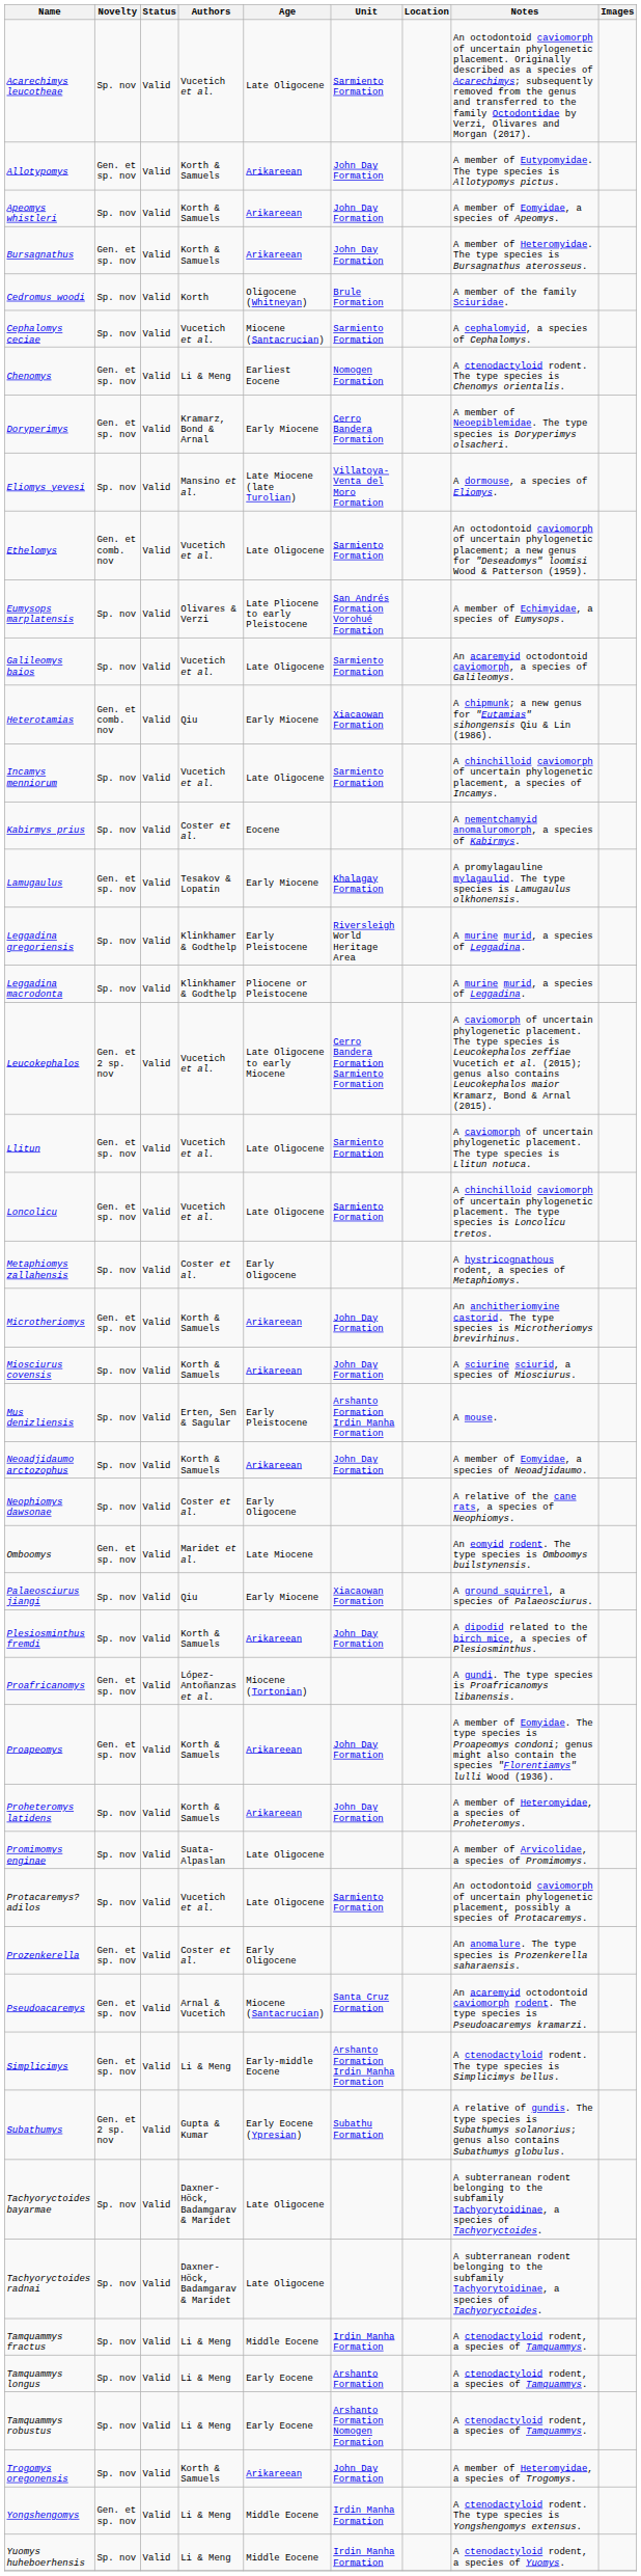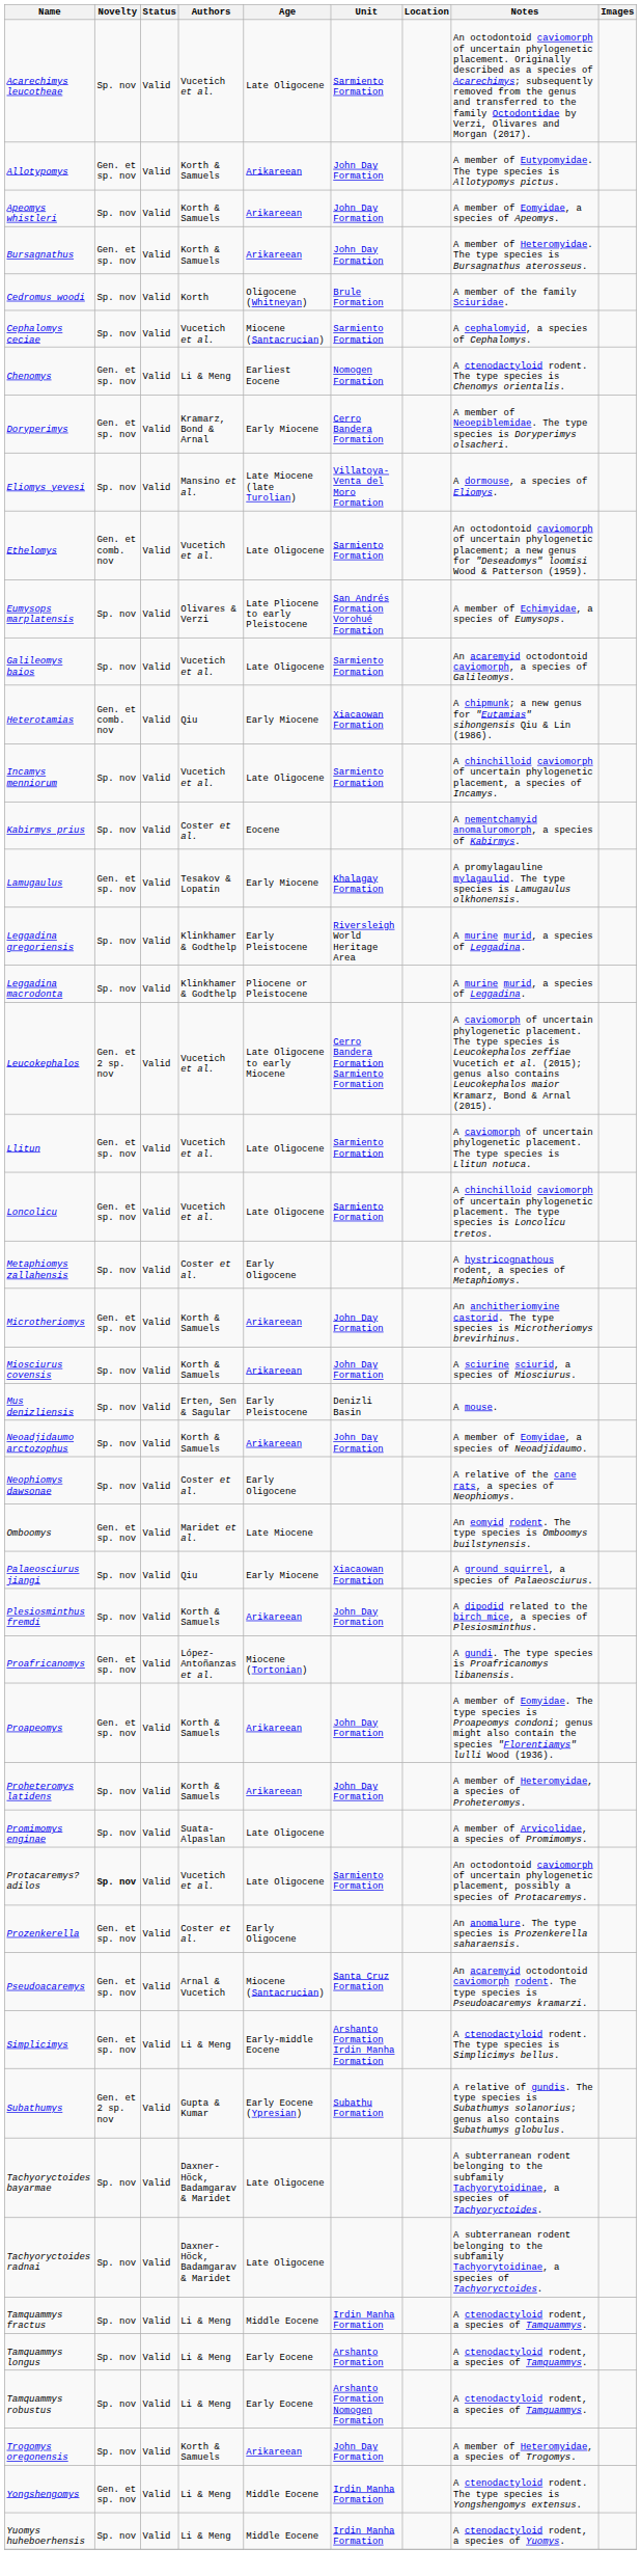 <table class="wikitable sortable" align="center" width="100%">
 <tr>
 <th>Name</th>
 <th>Novelty</th>
 <th>Status</th>
 <th>Authors</th>
 <th>Age</th>
 <th>Unit</th>
 <th>Location</th>
 <th>Notes</th>
 <th>Images</th>
 </tr>
 <tr>
 <td><br><em><a href='#'>Acarechimys leucotheae</a></em></td>
 <td><br>Sp. nov</td>
 <td><br>Valid</td>
 <td><br>Vucetich <em>et al.</em></td>
 <td><br>Late Oligocene</td>
 <td><br><a href='#'>Sarmiento Formation</a></td>
 <td><br></td>
 <td><br>An octodontoid <a href='#'>caviomorph</a> of uncertain phylogenetic placement. Originally described as a species of <em><a href='#'>Acarechimys</a></em>; subsequently removed from the genus and transferred to the family <a href='#'>Octodontidae</a> by Verzi, Olivares and Morgan (2017).</td>
 <td></td>
 </tr>
 <tr>
 <td><br><em><a href='#'>Allotypomys</a></em></td>
 <td><br>Gen. et sp. nov</td>
 <td><br>Valid</td>
 <td><br>Korth & Samuels</td>
 <td><br><a href='#'>Arikareean</a></td>
 <td><br><a href='#'>John Day Formation</a></td>
 <td><br></td>
 <td><br>A member of <a href='#'>Eutypomyidae</a>. The type species is <em>Allotypomys pictus</em>.</td>
 <td></td>
 </tr>
 <tr>
 <td><br><em><a href='#'>Apeomys whistleri</a></em></td>
 <td><br>Sp. nov</td>
 <td><br>Valid</td>
 <td><br>Korth & Samuels</td>
 <td><br><a href='#'>Arikareean</a></td>
 <td><br><a href='#'>John Day Formation</a></td>
 <td><br></td>
 <td><br>A member of <a href='#'>Eomyidae</a>, a species of <em>Apeomys</em>.</td>
 <td></td>
 </tr>
 <tr>
 <td><br><em><a href='#'>Bursagnathus</a></em></td>
 <td><br>Gen. et sp. nov</td>
 <td><br>Valid</td>
 <td><br>Korth & Samuels</td>
 <td><br><a href='#'>Arikareean</a></td>
 <td><br><a href='#'>John Day Formation</a></td>
 <td><br></td>
 <td><br>A member of <a href='#'>Heteromyidae</a>. The type species is <em>Bursagnathus aterosseus</em>.</td>
 <td></td>
 </tr>
 <tr>
 <td><br><em><a href='#'>Cedromus woodi</a></em></td>
 <td><br>Sp. nov</td>
 <td><br>Valid</td>
 <td><br>Korth</td>
 <td><br>Oligocene (<a href='#'>Whitneyan</a>)</td>
 <td><br><a href='#'>Brule Formation</a></td>
 <td><br></td>
 <td><br>A member of the family <a href='#'>Sciuridae</a>.</td>
 <td></td>
 </tr>
 <tr>
 <td><br><em><a href='#'>Cephalomys ceciae</a></em></td>
 <td><br>Sp. nov</td>
 <td><br>Valid</td>
 <td><br>Vucetich <em>et al.</em></td>
 <td><br>Miocene (<a href='#'>Santacrucian</a>)</td>
 <td><br><a href='#'>Sarmiento Formation</a></td>
 <td><br></td>
 <td><br>A <a href='#'>cephalomyid</a>, a species of <em>Cephalomys</em>.</td>
 <td></td>
 </tr>
 <tr>
 <td><br><em><a href='#'>Chenomys</a></em></td>
 <td><br>Gen. et sp. nov</td>
 <td><br>Valid</td>
 <td><br>Li & Meng</td>
 <td><br>Earliest Eocene</td>
 <td><br><a href='#'>Nomogen Formation</a></td>
 <td><br></td>
 <td><br>A <a href='#'>ctenodactyloid</a> rodent. The type species is <em>Chenomys orientalis</em>.</td>
 <td></td>
 </tr>
 <tr>
 <td><br><em><a href='#'>Doryperimys</a></em></td>
 <td><br>Gen. et sp. nov</td>
 <td><br>Valid</td>
 <td><br>Kramarz, Bond & Arnal</td>
 <td><br>Early Miocene</td>
 <td><br><a href='#'>Cerro Bandera Formation</a></td>
 <td><br></td>
 <td><br>A member of <a href='#'>Neoepiblemidae</a>. The type species is <em>Doryperimys olsacheri</em>.</td>
 <td></td>
 </tr>
 <tr>
 <td><br><em><a href='#'>Eliomys yevesi</a></em></td>
 <td><br>Sp. nov</td>
 <td><br>Valid</td>
 <td><br>Mansino <em>et al.</em></td>
 <td><br>Late Miocene (late <a href='#'>Turolian</a>)</td>
 <td><br><a href='#'>Villatoya-Venta del Moro Formation</a></td>
 <td><br></td>
 <td><br>A <a href='#'>dormouse</a>, a species of <em><a href='#'>Eliomys</a></em>.</td>
 <td></td>
 </tr>
 <tr>
 <td><br><em><a href='#'>Ethelomys</a></em></td>
 <td><br>Gen. et comb. nov</td>
 <td><br>Valid</td>
 <td><br>Vucetich <em>et al.</em></td>
 <td><br>Late Oligocene</td>
 <td><br><a href='#'>Sarmiento Formation</a></td>
 <td><br></td>
 <td><br>An octodontoid <a href='#'>caviomorph</a> of uncertain phylogenetic placement; a new genus for <em>"Deseadomys" loomisi</em> Wood & Patterson (1959).</td>
 <td></td>
 </tr>
 <tr>
 <td><br><em><a href='#'>Eumysops marplatensis</a></em></td>
 <td><br>Sp. nov</td>
 <td><br>Valid</td>
 <td><br>Olivares & Verzi</td>
 <td><br>Late Pliocene to early Pleistocene</td>
 <td><br><a href='#'>San Andrés Formation</a><br> <a href='#'>Vorohué Formation</a></td>
 <td><br></td>
 <td><br>A member of <a href='#'>Echimyidae</a>, a species of <em>Eumysops</em>.</td>
 <td></td>
 </tr>
 <tr>
 <td><br><em><a href='#'>Galileomys baios</a></em></td>
 <td><br>Sp. nov</td>
 <td><br>Valid</td>
 <td><br>Vucetich <em>et al.</em></td>
 <td><br>Late Oligocene</td>
 <td><br><a href='#'>Sarmiento Formation</a></td>
 <td><br></td>
 <td><br>An <a href='#'>acaremyid</a> octodontoid <a href='#'>caviomorph</a>, a species of <em>Galileomys</em>.</td>
 <td></td>
 </tr>
 <tr>
 <td><br><em><a href='#'>Heterotamias</a></em></td>
 <td><br>Gen. et comb. nov</td>
 <td><br>Valid</td>
 <td><br>Qiu</td>
 <td><br>Early Miocene</td>
 <td><br><a href='#'>Xiacaowan Formation</a></td>
 <td><br></td>
 <td><br>A <a href='#'>chipmunk</a>; a new genus for <em>"<a href='#'>Eutamias</a>" sihongensis</em> Qiu & Lin (1986).</td>
 <td></td>
 </tr>
 <tr>
 <td><br><em><a href='#'>Incamys menniorum</a></em></td>
 <td><br>Sp. nov</td>
 <td><br>Valid</td>
 <td><br>Vucetich <em>et al.</em></td>
 <td><br>Late Oligocene</td>
 <td><br><a href='#'>Sarmiento Formation</a></td>
 <td><br></td>
 <td><br>A <a href='#'>chinchilloid</a> <a href='#'>caviomorph</a> of uncertain phylogenetic placement, a species of <em>Incamys</em>.</td>
 <td></td>
 </tr>
 <tr>
 <td><br><em><a href='#'>Kabirmys prius</a></em></td>
 <td><br>Sp. nov</td>
 <td><br>Valid</td>
 <td><br>Coster <em>et al.</em></td>
 <td><br>Eocene</td>
 <td></td>
 <td><br></td>
 <td><br>A <a href='#'>nementchamyid</a> <a href='#'>anomaluromorph</a>, a species of <em><a href='#'>Kabirmys</a></em>.</td>
 <td></td>
 </tr>
 <tr>
 <td><br><em><a href='#'>Lamugaulus</a></em></td>
 <td><br>Gen. et sp. nov</td>
 <td><br>Valid</td>
 <td><br>Tesakov & Lopatin</td>
 <td><br>Early Miocene</td>
 <td><br><a href='#'>Khalagay Formation</a></td>
 <td><br></td>
 <td><br>A promylagauline <a href='#'>mylagaulid</a>. The type species is <em>Lamugaulus olkhonensis</em>.</td>
 <td></td>
 </tr>
 <tr>
 <td><br><em><a href='#'>Leggadina gregoriensis</a></em></td>
 <td><br>Sp. nov</td>
 <td><br>Valid</td>
 <td><br>Klinkhamer & Godthelp</td>
 <td><br>Early Pleistocene</td>
 <td><br><a href='#'>Riversleigh</a> World Heritage Area</td>
 <td><br></td>
 <td><br>A <a href='#'>murine</a> <a href='#'>murid</a>, a species of <em><a href='#'>Leggadina</a></em>.</td>
 <td></td>
 </tr>
 <tr>
 <td><br><em><a href='#'>Leggadina macrodonta</a></em></td>
 <td><br>Sp. nov</td>
 <td><br>Valid</td>
 <td><br>Klinkhamer & Godthelp</td>
 <td><br>Pliocene or Pleistocene</td>
 <td></td>
 <td><br></td>
 <td><br>A <a href='#'>murine</a> <a href='#'>murid</a>, a species of <em><a href='#'>Leggadina</a></em>.</td>
 <td></td>
 </tr>
 <tr>
 <td><br><em><a href='#'>Leucokephalos</a></em></td>
 <td><br>Gen. et 2 sp. nov</td>
 <td><br>Valid</td>
 <td><br>Vucetich <em>et al.</em></td>
 <td><br>Late Oligocene to early Miocene</td>
 <td><br><a href='#'>Cerro Bandera Formation</a><br> <a href='#'>Sarmiento Formation</a></td>
 <td><br></td>
 <td><br>A <a href='#'>caviomorph</a> of uncertain phylogenetic placement. The type species is <em>Leucokephalos zeffiae</em> Vucetich <em>et al.</em> (2015); genus also contains <em>Leucokephalos maior</em> Kramarz, Bond & Arnal (2015).</td>
 <td></td>
 </tr>
 <tr>
 <td><br><em><a href='#'>Llitun</a></em></td>
 <td><br>Gen. et sp. nov</td>
 <td><br>Valid</td>
 <td><br>Vucetich <em>et al.</em></td>
 <td><br>Late Oligocene</td>
 <td><br><a href='#'>Sarmiento Formation</a></td>
 <td><br></td>
 <td><br>A <a href='#'>caviomorph</a> of uncertain phylogenetic placement. The type species is <em>Llitun notuca</em>.</td>
 <td></td>
 </tr>
 <tr>
 <td><br><em><a href='#'>Loncolicu</a></em></td>
 <td><br>Gen. et sp. nov</td>
 <td><br>Valid</td>
 <td><br>Vucetich <em>et al.</em></td>
 <td><br>Late Oligocene</td>
 <td><br><a href='#'>Sarmiento Formation</a></td>
 <td><br></td>
 <td><br>A <a href='#'>chinchilloid</a> <a href='#'>caviomorph</a> of uncertain phylogenetic placement. The type species is <em>Loncolicu tretos</em>.</td>
 <td></td>
 </tr>
 <tr>
 <td><br><em><a href='#'>Metaphiomys zallahensis</a></em></td>
 <td><br>Sp. nov</td>
 <td><br>Valid</td>
 <td><br>Coster <em>et al.</em></td>
 <td><br>Early Oligocene</td>
 <td></td>
 <td><br></td>
 <td><br>A <a href='#'>hystricognathous</a> rodent, a species of <em>Metaphiomys</em>.</td>
 <td></td>
 </tr>
 <tr>
 <td><br><em><a href='#'>Microtheriomys</a></em></td>
 <td><br>Gen. et sp. nov</td>
 <td><br>Valid</td>
 <td><br>Korth & Samuels</td>
 <td><br><a href='#'>Arikareean</a></td>
 <td><br><a href='#'>John Day Formation</a></td>
 <td><br></td>
 <td><br>An <a href='#'>anchitheriomyine</a> <a href='#'>castorid</a>. The type species is <em>Microtheriomys brevirhinus</em>.</td>
 <td></td>
 </tr>
 <tr>
 <td><br><em><a href='#'>Miosciurus covensis</a></em></td>
 <td><br>Sp. nov</td>
 <td><br>Valid</td>
 <td><br>Korth & Samuels</td>
 <td><br><a href='#'>Arikareean</a></td>
 <td><br><a href='#'>John Day Formation</a></td>
 <td><br></td>
 <td><br>A <a href='#'>sciurine</a> <a href='#'>sciurid</a>, a species of <em>Miosciurus</em>.</td>
 <td></td>
 </tr>
 <tr>
 <td><br><em><a href='#'>Mus denizliensis</a></em></td>
 <td><br>Sp. nov</td>
 <td><br>Valid</td>
 <td><br>Erten, Sen & Sagular</td>
 <td><br>Early Pleistocene</td>
-<td><br><a href='#'>Arshanto Formation</a><br> <a href='#'>Irdin Manha Formation</a></td>
+<td><br>Denizli Basin</td>
 <td><br></td>
 <td><br>A <a href='#'>mouse</a>.</td>
 <td></td>
 </tr>
 <tr>
 <td><br><em><a href='#'>Neoadjidaumo arctozophus</a></em></td>
 <td><br>Sp. nov</td>
 <td><br>Valid</td>
 <td><br>Korth & Samuels</td>
 <td><br><a href='#'>Arikareean</a></td>
 <td><br><a href='#'>John Day Formation</a></td>
 <td><br></td>
 <td><br>A member of <a href='#'>Eomyidae</a>, a species of <em>Neoadjidaumo</em>.</td>
 <td></td>
 </tr>
 <tr>
 <td><br><em><a href='#'>Neophiomys dawsonae</a></em></td>
 <td><br>Sp. nov</td>
 <td><br>Valid</td>
 <td><br>Coster <em>et al.</em></td>
 <td><br>Early Oligocene</td>
 <td></td>
 <td><br></td>
 <td><br>A relative of the <a href='#'>cane rats</a>, a species of <em>Neophiomys</em>.</td>
 <td></td>
 </tr>
 <tr>
 <td><br><em>Omboomys</em></td>
 <td><br>Gen. et sp. nov</td>
 <td><br>Valid</td>
 <td><br>Maridet <em>et al.</em></td>
 <td><br>Late Miocene</td>
 <td></td>
 <td><br></td>
 <td><br>An <a href='#'>eomyid</a> <a href='#'>rodent</a>. The type species is <em>Omboomys builstynensis</em>.</td>
 <td></td>
 </tr>
 <tr>
 <td><br><em><a href='#'>Palaeosciurus jiangi</a></em></td>
 <td><br>Sp. nov</td>
 <td><br>Valid</td>
 <td><br>Qiu</td>
 <td><br>Early Miocene</td>
 <td><br><a href='#'>Xiacaowan Formation</a></td>
 <td><br></td>
 <td><br>A <a href='#'>ground squirrel</a>, a species of <em>Palaeosciurus</em>.</td>
 <td></td>
 </tr>
 <tr>
 <td><br><em><a href='#'>Plesiosminthus fremdi</a></em></td>
 <td><br>Sp. nov</td>
 <td><br>Valid</td>
 <td><br>Korth & Samuels</td>
 <td><br><a href='#'>Arikareean</a></td>
 <td><br><a href='#'>John Day Formation</a></td>
 <td><br></td>
 <td><br>A <a href='#'>dipodid</a> related to the <a href='#'>birch mice</a>, a species of <em>Plesiosminthus</em>.</td>
 <td></td>
 </tr>
 <tr>
 <td><br><em><a href='#'>Proafricanomys</a></em></td>
 <td><br>Gen. et sp. nov</td>
 <td><br>Valid</td>
 <td><br>López-Antoñanzas <em>et al.</em></td>
 <td><br>Miocene (<a href='#'>Tortonian</a>)</td>
 <td></td>
 <td><br></td>
 <td><br>A <a href='#'>gundi</a>. The type species is <em>Proafricanomys libanensis</em>.</td>
 <td></td>
 </tr>
 <tr>
 <td><br><em><a href='#'>Proapeomys</a></em></td>
 <td><br>Gen. et sp. nov</td>
 <td><br>Valid</td>
 <td><br>Korth & Samuels</td>
 <td><br><a href='#'>Arikareean</a></td>
 <td><br><a href='#'>John Day Formation</a></td>
 <td><br></td>
 <td><br>A member of <a href='#'>Eomyidae</a>. The type species is <em>Proapeomys condoni</em>; genus might also contain the species <em>"<a href='#'>Florentiamys</a>" lulli</em> Wood (1936).</td>
 <td></td>
 </tr>
 <tr>
 <td><br><em><a href='#'>Proheteromys latidens</a></em></td>
 <td><br>Sp. nov</td>
 <td><br>Valid</td>
 <td><br>Korth & Samuels</td>
 <td><br><a href='#'>Arikareean</a></td>
 <td><br><a href='#'>John Day Formation</a></td>
 <td><br></td>
 <td><br>A member of <a href='#'>Heteromyidae</a>, a species of <em>Proheteromys</em>.</td>
 <td></td>
 </tr>
 <tr>
 <td><br><em><a href='#'>Promimomys enginae</a></em></td>
 <td><br>Sp. nov</td>
 <td><br>Valid</td>
 <td><br>Suata-Alpaslan</td>
 <td><br>Late Oligocene</td>
 <td></td>
 <td><br></td>
 <td><br>A member of <a href='#'>Arvicolidae</a>, a species of <em>Promimomys</em>.</td>
 <td></td>
 </tr>
 <tr>
 <td><br><em>Protacaremys? adilos</em></td>
-<td><br>Sp. nov</td>
+<td><strong><br>Sp. nov</strong></td>
 <td><br>Valid</td>
 <td><br>Vucetich <em>et al.</em></td>
 <td><br>Late Oligocene</td>
 <td><br><a href='#'>Sarmiento Formation</a></td>
 <td><br></td>
 <td><br>An octodontoid <a href='#'>caviomorph</a> of uncertain phylogenetic placement, possibly a species of <em>Protacaremys</em>.</td>
 <td></td>
 </tr>
 <tr>
 <td><br><em><a href='#'>Prozenkerella</a></em></td>
 <td><br>Gen. et sp. nov</td>
 <td><br>Valid</td>
 <td><br>Coster <em>et al.</em></td>
 <td><br>Early Oligocene</td>
 <td></td>
 <td><br></td>
 <td><br>An <a href='#'>anomalure</a>. The type species is <em>Prozenkerella saharaensis</em>.</td>
 <td></td>
 </tr>
 <tr>
 <td><br><em><a href='#'>Pseudoacaremys</a></em></td>
 <td><br>Gen. et sp. nov</td>
 <td><br>Valid</td>
 <td><br>Arnal & Vucetich</td>
 <td><br>Miocene (<a href='#'>Santacrucian</a>)</td>
 <td><a href='#'>Santa Cruz Formation</a></td>
 <td><br></td>
 <td><br>An <a href='#'>acaremyid</a> octodontoid <a href='#'>caviomorph</a> <a href='#'>rodent</a>. The type species is <em>Pseudoacaremys kramarzi</em>.</td>
 <td></td>
 </tr>
 <tr>
 <td><br><em><a href='#'>Simplicimys</a></em></td>
 <td><br>Gen. et sp. nov</td>
 <td><br>Valid</td>
 <td><br>Li & Meng</td>
 <td><br>Early-middle Eocene</td>
 <td><br><a href='#'>Arshanto Formation</a><br> <a href='#'>Irdin Manha Formation</a></td>
 <td><br></td>
 <td><br>A <a href='#'>ctenodactyloid</a> rodent. The type species is <em>Simplicimys bellus</em>.</td>
 <td></td>
 </tr>
 <tr>
 <td><br><em><a href='#'>Subathumys</a></em></td>
 <td><br>Gen. et 2 sp. nov</td>
 <td><br>Valid</td>
 <td><br>Gupta & Kumar</td>
 <td><br>Early Eocene (<a href='#'>Ypresian</a>)</td>
 <td><br><a href='#'>Subathu Formation</a></td>
 <td><br></td>
 <td><br>A relative of <a href='#'>gundis</a>. The type species is <em>Subathumys solanorius</em>; genus also contains <em>Subathumys globulus</em>.</td>
 <td></td>
 </tr>
 <tr>
 <td><br><em>Tachyoryctoides bayarmae</em></td>
 <td><br>Sp. nov</td>
 <td><br>Valid</td>
 <td><br>Daxner-Höck, Badamgarav & Maridet</td>
 <td><br>Late Oligocene</td>
 <td></td>
 <td><br></td>
 <td><br>A subterranean rodent belonging to the subfamily <a href='#'>Tachyorytoidinae</a>, a species of <em><a href='#'>Tachyoryctoides</a></em>.</td>
 <td></td>
 </tr>
 <tr>
 <td><br><em>Tachyoryctoides radnai</em></td>
 <td><br>Sp. nov</td>
 <td><br>Valid</td>
 <td><br>Daxner-Höck, Badamgarav & Maridet</td>
 <td><br>Late Oligocene</td>
 <td></td>
 <td><br></td>
 <td><br>A subterranean rodent belonging to the subfamily <a href='#'>Tachyorytoidinae</a>, a species of <em><a href='#'>Tachyoryctoides</a></em>.</td>
 <td></td>
 </tr>
 <tr>
 <td><br><em>Tamquammys fractus</em></td>
 <td><br>Sp. nov</td>
 <td><br>Valid</td>
 <td><br>Li & Meng</td>
 <td><br>Middle Eocene</td>
 <td><br><a href='#'>Irdin Manha Formation</a></td>
 <td><br></td>
 <td><br>A <a href='#'>ctenodactyloid</a> rodent, a species of <em><a href='#'>Tamquammys</a></em>.</td>
 <td></td>
 </tr>
 <tr>
 <td><br><em>Tamquammys longus</em></td>
 <td><br>Sp. nov</td>
 <td><br>Valid</td>
 <td><br>Li & Meng</td>
 <td><br>Early Eocene</td>
 <td><br><a href='#'>Arshanto Formation</a></td>
 <td><br></td>
 <td><br>A <a href='#'>ctenodactyloid</a> rodent, a species of <em><a href='#'>Tamquammys</a></em>.</td>
 <td></td>
 </tr>
 <tr>
 <td><br><em>Tamquammys robustus</em></td>
 <td><br>Sp. nov</td>
 <td><br>Valid</td>
 <td><br>Li & Meng</td>
 <td><br>Early Eocene</td>
 <td><br><a href='#'>Arshanto Formation</a><br> <a href='#'>Nomogen Formation</a></td>
 <td><br></td>
 <td><br>A <a href='#'>ctenodactyloid</a> rodent, a species of <em><a href='#'>Tamquammys</a></em>.</td>
 <td></td>
 </tr>
 <tr>
 <td><br><em><a href='#'>Trogomys oregonensis</a></em></td>
 <td><br>Sp. nov</td>
 <td><br>Valid</td>
 <td><br>Korth & Samuels</td>
 <td><br><a href='#'>Arikareean</a></td>
 <td><br><a href='#'>John Day Formation</a></td>
 <td><br></td>
 <td><br>A member of <a href='#'>Heteromyidae</a>, a species of <em>Trogomys</em>.</td>
 <td></td>
 </tr>
 <tr>
 <td><br><em><a href='#'>Yongshengomys</a></em></td>
 <td><br>Gen. et sp. nov</td>
 <td><br>Valid</td>
 <td><br>Li & Meng</td>
 <td><br>Middle Eocene</td>
 <td><br><a href='#'>Irdin Manha Formation</a></td>
 <td><br></td>
 <td><br>A <a href='#'>ctenodactyloid</a> rodent. The type species is <em>Yongshengomys extensus</em>.</td>
 <td></td>
 </tr>
 <tr>
 <td><br><em>Yuomys huheboerhensis</em></td>
 <td><br>Sp. nov</td>
 <td><br>Valid</td>
 <td><br>Li & Meng</td>
 <td><br>Middle Eocene</td>
 <td><br><a href='#'>Irdin Manha Formation</a></td>
 <td><br></td>
 <td><br>A <a href='#'>ctenodactyloid</a> rodent, a species of <em><a href='#'>Yuomys</a></em>.</td>
 <td></td>
 </tr>
 <tr>
 </tr>
 </table>
